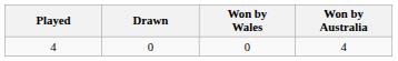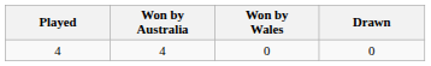 <table class="wikitable" style="text-align:center">
 <tr>
 <th width="123">Played</th>
+<th width="122">Won by<br>Australia</th>
+<th width="122">Won by<br>Wales</th>
 <th width="123">Drawn</th>
-<th width="122">Won by<br>Wales</th>
-<th width="122">Won by<br>Australia</th>
 </tr>
 <tr>
 <td>4</td>
+<td>4</td>
 <td>0</td>
 <td>0</td>
-<td>4</td>
 </tr>
 </table>
